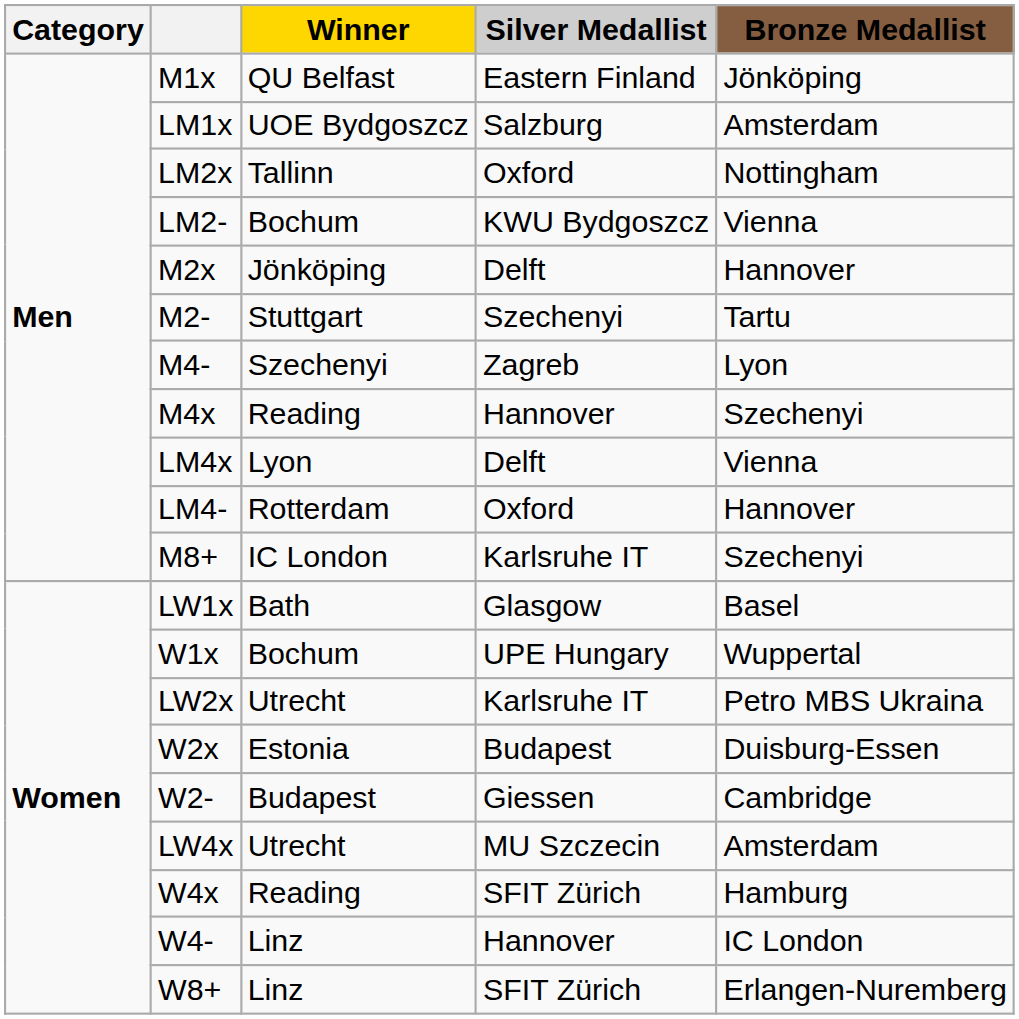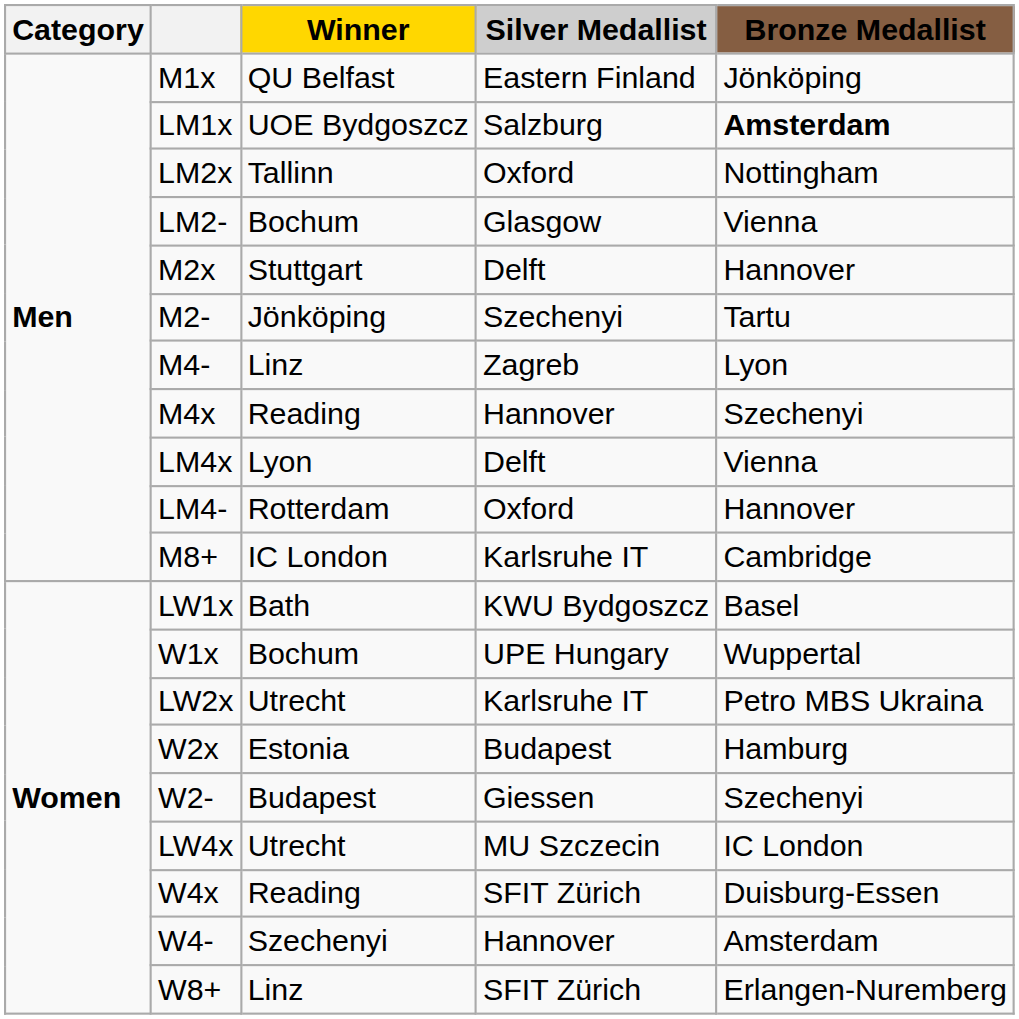 <table class=wikitable style="font-size:90%;">
 <tr>
 <th>Category</th>
 <th></th>
 <th style="background:#FFD700;">Winner</th>
 <th style="background:#CECECE;">Silver Medallist</th>
 <th style="background:#855E42;">Bronze Medallist</th>
 </tr>
 <tr>
 <td rowspan=11><strong>Men</strong></td>
 <td>M1x</td>
 <td>QU Belfast<br> </td>
 <td>Eastern Finland<br> </td>
 <td>Jönköping<br> </td>
 </tr>
 <tr>
 <td>LM1x</td>
 <td>UOE Bydgoszcz<br> </td>
 <td>Salzburg<br> </td>
-<td>Amsterdam<br> </td>
+<td><strong>Amsterdam<br> </strong></td>
 </tr>
 <tr>
 <td>LM2x</td>
 <td>Tallinn<br> </td>
 <td>Oxford<br> </td>
 <td>Nottingham<br> </td>
 </tr>
 <tr>
 <td>LM2-</td>
 <td>Bochum<br> </td>
-<td>KWU Bydgoszcz<br> </td>
+<td>Glasgow <br> </td>
 <td>Vienna<br> </td>
 </tr>
 <tr>
 <td>M2x</td>
-<td>Jönköping<br> </td>
+<td>Stuttgart<br> </td>
 <td>Delft<br> </td>
 <td>Hannover<br> </td>
 </tr>
 <tr>
 <td>M2-</td>
-<td>Stuttgart<br> </td>
+<td>Jönköping<br> </td>
 <td>Szechenyi<br> </td>
 <td>Tartu<br> </td>
 </tr>
 <tr>
 <td>M4-</td>
-<td>Szechenyi<br> </td>
+<td>Linz<br> </td>
 <td>Zagreb<br> </td>
 <td>Lyon <br> </td>
 </tr>
 <tr>
 <td>M4x</td>
 <td>Reading <br> </td>
 <td>Hannover<br> </td>
 <td>Szechenyi<br> </td>
 </tr>
 <tr>
 <td>LM4x</td>
 <td>Lyon<br> </td>
 <td>Delft <br> </td>
 <td>Vienna<br> </td>
 </tr>
 <tr>
 <td>LM4-</td>
 <td>Rotterdam<br> </td>
 <td>Oxford<br> </td>
 <td>Hannover<br> </td>
 </tr>
 <tr>
 <td>M8+</td>
 <td>IC London <br> </td>
 <td>Karlsruhe IT<br> </td>
-<td>Szechenyi<br></td>
+<td>Cambridge<br> </td>
 </tr>
 <tr>
 <td rowspan=9><strong>Women</strong></td>
 <td>LW1x</td>
 <td>Bath<br> </td>
-<td>Glasgow <br> </td>
+<td>KWU Bydgoszcz<br> </td>
 <td>Basel<br> </td>
 </tr>
 <tr>
 <td>W1x</td>
 <td>Bochum<br> </td>
 <td>UPE Hungary<br> </td>
 <td>Wuppertal<br> </td>
 </tr>
 <tr>
 <td>LW2x</td>
 <td>Utrecht<br> </td>
 <td>Karlsruhe IT <br> </td>
 <td>Petro MBS Ukraina<br> </td>
 </tr>
 <tr>
 <td>W2x</td>
 <td>Estonia<br> </td>
 <td>Budapest<br> </td>
-<td>Duisburg-Essen<br> </td>
+<td>Hamburg <br> </td>
 </tr>
 <tr>
 <td>W2-</td>
 <td>Budapest<br> </td>
 <td>Giessen<br> </td>
-<td>Cambridge<br> </td>
+<td>Szechenyi<br></td>
 </tr>
 <tr>
 <td>LW4x</td>
 <td>Utrecht<br> </td>
 <td>MU Szczecin<br> </td>
-<td>Amsterdam <br> </td>
+<td>IC London<br> </td>
 </tr>
 <tr>
 <td>W4x</td>
 <td>Reading<br> </td>
 <td>SFIT Zürich <br> </td>
-<td>Hamburg <br> </td>
+<td>Duisburg-Essen<br> </td>
 </tr>
 <tr>
 <td>W4-</td>
-<td>Linz<br> </td>
+<td>Szechenyi<br> </td>
 <td>Hannover<br>  </td>
-<td>IC London<br> </td>
+<td>Amsterdam <br> </td>
 </tr>
 <tr>
 <td>W8+</td>
 <td>Linz<br> </td>
 <td>SFIT Zürich<br> </td>
 <td>Erlangen-Nuremberg<br>  </td>
 </tr>
 </table>
